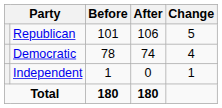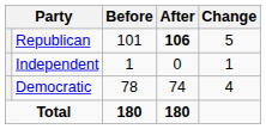 <table class="wikitable" style="text-align:center;">
 <tr>
 <th colspan="2">Party</th>
 <th>Before</th>
 <th>After</th>
 <th>Change</th>
 </tr>
 <tr>
 <th style="background-color:"></th>
 <td style="text-align:left;"><a href='#'>Republican</a></td>
 <td>101</td>
-<td>106</td>
+<td><strong>106</strong></td>
 <td> 5</td>
+</tr>
+<tr>
+<th style="background-color:"></th>
+<td style="text-align:left;"><a href='#'>Independent</a></td>
+<td>1</td>
+<td>0</td>
+<td> 1</td>
 </tr>
 <tr>
 <th style="background-color:"></th>
 <td style="text-align:left;"><a href='#'>Democratic</a></td>
 <td>78</td>
 <td>74</td>
 <td> 4</td>
 </tr>
 <tr>
-<th style="background-color:"></th>
-<td style="text-align:left;"><a href='#'>Independent</a></td>
-<td>1</td>
-<td>0</td>
-<td> 1</td>
-</tr>
-<tr>
 <td colspan="2"><strong>Total</strong></td>
 <td><strong>180</strong></td>
 <td><strong>180</strong></td>
 <td></td>
 </tr>
 </table>
